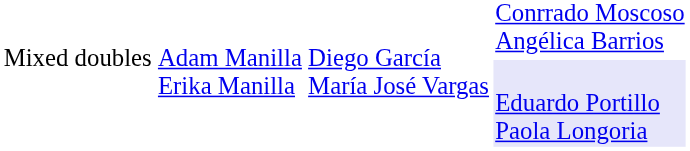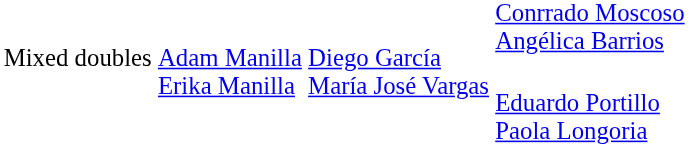 <table>
 <tr>
 <td rowspan=2>Mixed doubles<br></td>
 <td rowspan=2><br><a href='#'>Adam Manilla</a><br><a href='#'>Erika Manilla</a></td>
 <td rowspan=2><br><a href='#'>Diego García</a><br><a href='#'>María José Vargas</a></td>
 <td><br><a href='#'>Conrrado Moscoso</a><br><a href='#'>Angélica Barrios</a></td>
 </tr>
 <tr>
-<td style="background: lavender;"><br><a href='#'>Eduardo Portillo</a><br><a href='#'>Paola Longoria</a></td>
+<td><br><a href='#'>Eduardo Portillo</a><br><a href='#'>Paola Longoria</a></td>
 </tr>
 <tr>
 </tr>
 </table>
